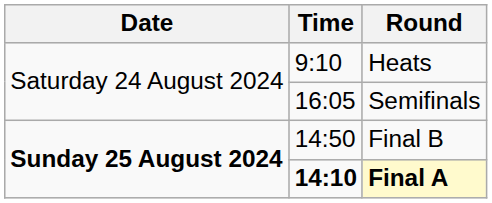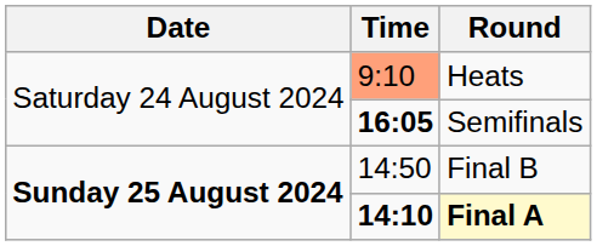 <table class="wikitable">
 <tr>
 <th>Date</th>
 <th>Time</th>
 <th>Round</th>
 </tr>
 <tr>
 <td rowspan=2>Saturday 24 August 2024</td>
-<td>9:10</td>
+<td style="background: lightsalmon;">9:10</td>
 <td>Heats</td>
 </tr>
 <tr>
-<td>16:05</td>
+<td><strong>16:05</strong></td>
 <td>Semifinals</td>
 </tr>
 <tr>
 <td rowspan=2><strong>Sunday 25 August 2024</strong></td>
 <td>14:50</td>
 <td>Final B</td>
 </tr>
 <tr>
 <td><strong>14:10</strong></td>
 <td style=background:lemonchiffon><strong>Final A</strong></td>
 </tr>
 </table>
